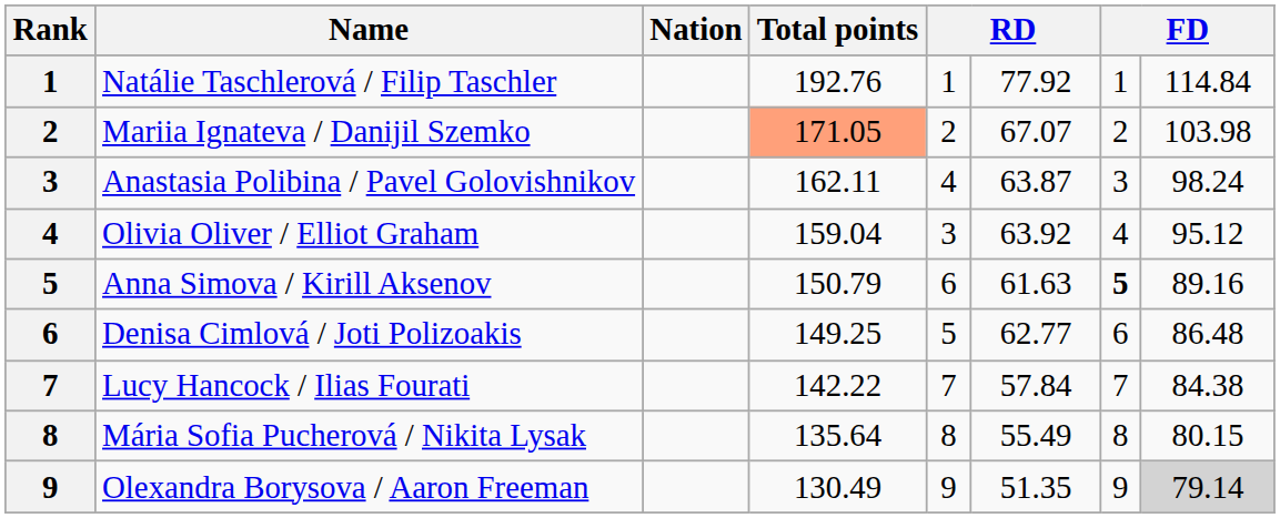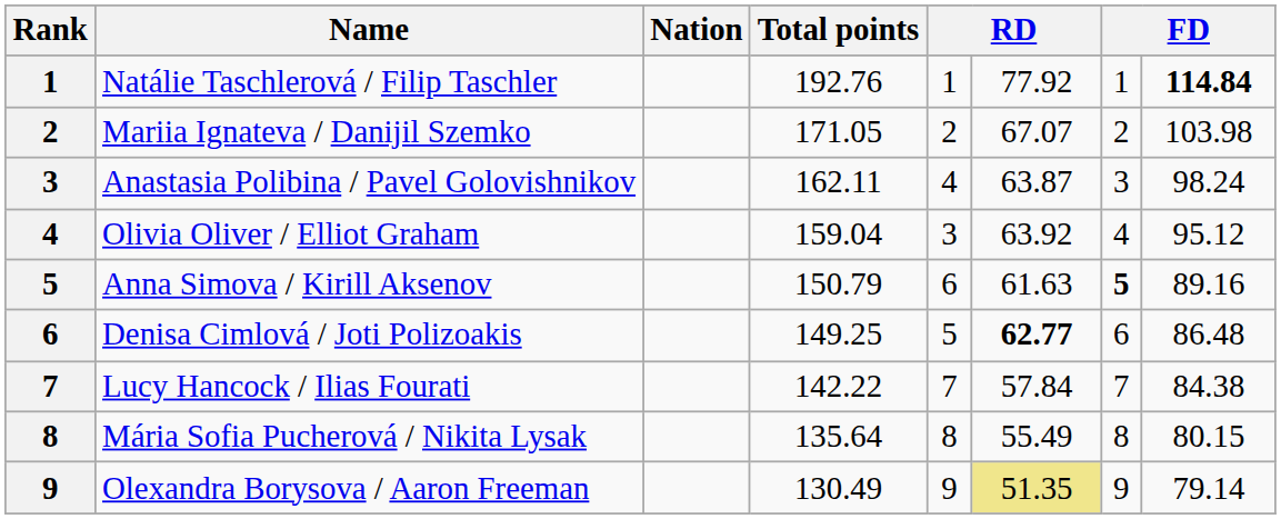 <table class="wikitable sortable">
 <tr>
 <th>Rank</th>
 <th>Name</th>
 <th>Nation</th>
 <th>Total points</th>
 <th colspan=2 width=80px align=center><a href='#'>RD</a></th>
 <th colspan=2 width=80px align=center><a href='#'>FD</a></th>
 </tr>
 <tr>
 <th>1</th>
 <td><a href='#'>Natálie Taschlerová</a> / <a href='#'>Filip Taschler</a></td>
 <td></td>
 <td align=center>192.76</td>
 <td align=center>1</td>
 <td align=center>77.92</td>
 <td align=center>1</td>
-<td align=center>114.84</td>
+<td align=center><strong>114.84</strong></td>
 </tr>
 <tr>
 <th>2</th>
 <td><a href='#'>Mariia Ignateva</a> / <a href='#'>Danijil Szemko</a></td>
 <td></td>
-<td align=center style="background: lightsalmon;">171.05</td>
+<td align=center>171.05</td>
 <td align=center>2</td>
 <td align=center>67.07</td>
 <td align=center>2</td>
 <td align=center>103.98</td>
 </tr>
 <tr>
 <th>3</th>
 <td><a href='#'>Anastasia Polibina</a> / <a href='#'>Pavel Golovishnikov</a></td>
 <td></td>
 <td align="center">162.11</td>
 <td align="center">4</td>
 <td align="center">63.87</td>
 <td align="center">3</td>
 <td align="center">98.24</td>
 </tr>
 <tr>
 <th>4</th>
 <td><a href='#'>Olivia Oliver</a> / <a href='#'>Elliot Graham</a></td>
 <td></td>
 <td align="center">159.04</td>
 <td align="center">3</td>
 <td align="center">63.92</td>
 <td align="center">4</td>
 <td align="center">95.12</td>
 </tr>
 <tr>
 <th>5</th>
 <td><a href='#'>Anna Simova</a> / <a href='#'>Kirill Aksenov</a></td>
 <td></td>
 <td align="center">150.79</td>
 <td align="center">6</td>
 <td align="center">61.63</td>
 <td align="center"><strong>5</strong></td>
 <td align="center">89.16</td>
 </tr>
 <tr>
 <th>6</th>
 <td><a href='#'>Denisa Cimlová</a> / <a href='#'>Joti Polizoakis</a></td>
 <td></td>
 <td align="center">149.25</td>
 <td align="center">5</td>
-<td align="center">62.77</td>
+<td align="center"><strong>62.77</strong></td>
 <td align="center">6</td>
 <td align="center">86.48</td>
 </tr>
 <tr>
 <th>7</th>
 <td><a href='#'>Lucy Hancock</a> / <a href='#'>Ilias Fourati</a></td>
 <td></td>
 <td align=center>142.22</td>
 <td align=center>7</td>
 <td align=center>57.84</td>
 <td align=center>7</td>
 <td align=center>84.38</td>
 </tr>
 <tr>
 <th>8</th>
 <td><a href='#'>Mária Sofia Pucherová</a> / <a href='#'>Nikita Lysak</a></td>
 <td></td>
 <td align=center>135.64</td>
 <td align=center>8</td>
 <td align=center>55.49</td>
 <td align=center>8</td>
 <td align=center>80.15</td>
 </tr>
 <tr>
 <th>9</th>
 <td><a href='#'>Olexandra Borysova</a> / <a href='#'>Aaron Freeman</a></td>
 <td></td>
 <td align=center>130.49</td>
 <td align=center>9</td>
-<td align=center>51.35</td>
+<td align=center style="background: khaki;">51.35</td>
 <td align=center>9</td>
-<td align=center style="background: lightgrey;">79.14</td>
+<td align=center>79.14</td>
 </tr>
 </table>
